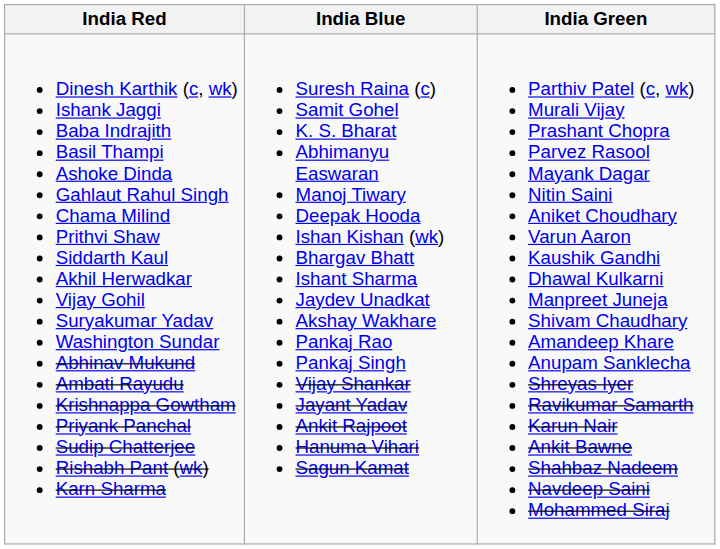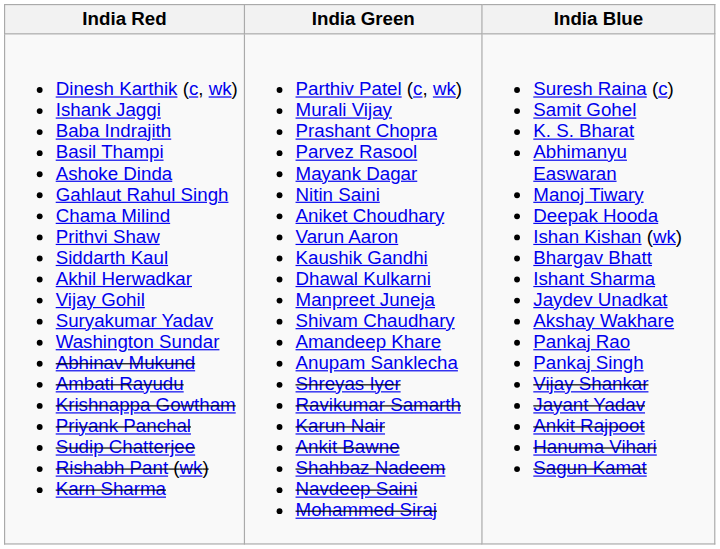 <table class="wikitable">
 <tr>
 <th style="width:15%;">India Red</th>
+<th style="width:15%;">India Green</th>
 <th style="width:15%;">India Blue</th>
-<th style="width:15%;">India Green</th>
 </tr>
 <tr style="vertical-align:top">
 <td><br><ul><li><a href='#'>Dinesh Karthik</a> (<a href='#'>c</a>, <a href='#'>wk</a>)</li><li><a href='#'>Ishank Jaggi</a></li><li><a href='#'>Baba Indrajith</a></li><li><a href='#'>Basil Thampi</a></li><li><a href='#'>Ashoke Dinda</a></li><li><a href='#'>Gahlaut Rahul Singh</a></li><li><a href='#'>Chama Milind</a></li><li><a href='#'>Prithvi Shaw</a></li><li><a href='#'>Siddarth Kaul</a></li><li><a href='#'>Akhil Herwadkar</a></li><li><a href='#'>Vijay Gohil</a></li><li><a href='#'>Suryakumar Yadav</a></li><li><a href='#'>Washington Sundar</a></li><li><s><a href='#'>Abhinav Mukund</a></s></li><li><s><a href='#'>Ambati Rayudu</a></s></li><li><s><a href='#'>Krishnappa Gowtham</a></s></li><li><s><a href='#'>Priyank Panchal</a></s></li><li><s><a href='#'>Sudip Chatterjee</a></s></li><li><s><a href='#'>Rishabh Pant</a> (<a href='#'>wk</a>)</s></li><li><s><a href='#'>Karn Sharma</a></s></li></ul></td>
+<td><br><ul><li><a href='#'>Parthiv Patel</a> (<a href='#'>c</a>, <a href='#'>wk</a>)</li><li><a href='#'>Murali Vijay</a></li><li><a href='#'>Prashant Chopra</a></li><li><a href='#'>Parvez Rasool</a></li><li><a href='#'>Mayank Dagar</a></li><li><a href='#'>Nitin Saini</a></li><li><a href='#'>Aniket Choudhary</a></li><li><a href='#'>Varun Aaron</a></li><li><a href='#'>Kaushik Gandhi</a></li><li><a href='#'>Dhawal Kulkarni</a></li><li><a href='#'>Manpreet Juneja</a></li><li><a href='#'>Shivam Chaudhary</a></li><li><a href='#'>Amandeep Khare</a></li><li><a href='#'>Anupam Sanklecha</a></li><li><s><a href='#'>Shreyas Iyer</a></s></li><li><s><a href='#'>Ravikumar Samarth</a></s></li><li><s><a href='#'>Karun Nair</a></s></li><li><s><a href='#'>Ankit Bawne</a></s></li><li><s><a href='#'>Shahbaz Nadeem</a></s></li><li><s><a href='#'>Navdeep Saini</a></s></li><li><s><a href='#'>Mohammed Siraj</a></s></li></ul></td>
 <td><br><ul><li><a href='#'>Suresh Raina</a> (<a href='#'>c</a>)</li><li><a href='#'>Samit Gohel</a></li><li><a href='#'>K. S. Bharat</a></li><li><a href='#'>Abhimanyu Easwaran</a></li><li><a href='#'>Manoj Tiwary</a></li><li><a href='#'>Deepak Hooda</a></li><li><a href='#'>Ishan Kishan</a> (<a href='#'>wk</a>)</li><li><a href='#'>Bhargav Bhatt</a></li><li><a href='#'>Ishant Sharma</a></li><li><a href='#'>Jaydev Unadkat</a></li><li><a href='#'>Akshay Wakhare</a></li><li><a href='#'>Pankaj Rao</a></li><li><a href='#'>Pankaj Singh</a></li><li><s><a href='#'>Vijay Shankar</a></s></li><li><s><a href='#'>Jayant Yadav</a></s></li><li><s><a href='#'>Ankit Rajpoot</a></s></li><li><s><a href='#'>Hanuma Vihari</a></s></li><li><s><a href='#'>Sagun Kamat</a></s></li></ul></td>
-<td><br><ul><li><a href='#'>Parthiv Patel</a> (<a href='#'>c</a>, <a href='#'>wk</a>)</li><li><a href='#'>Murali Vijay</a></li><li><a href='#'>Prashant Chopra</a></li><li><a href='#'>Parvez Rasool</a></li><li><a href='#'>Mayank Dagar</a></li><li><a href='#'>Nitin Saini</a></li><li><a href='#'>Aniket Choudhary</a></li><li><a href='#'>Varun Aaron</a></li><li><a href='#'>Kaushik Gandhi</a></li><li><a href='#'>Dhawal Kulkarni</a></li><li><a href='#'>Manpreet Juneja</a></li><li><a href='#'>Shivam Chaudhary</a></li><li><a href='#'>Amandeep Khare</a></li><li><a href='#'>Anupam Sanklecha</a></li><li><s><a href='#'>Shreyas Iyer</a></s></li><li><s><a href='#'>Ravikumar Samarth</a></s></li><li><s><a href='#'>Karun Nair</a></s></li><li><s><a href='#'>Ankit Bawne</a></s></li><li><s><a href='#'>Shahbaz Nadeem</a></s></li><li><s><a href='#'>Navdeep Saini</a></s></li><li><s><a href='#'>Mohammed Siraj</a></s></li></ul></td>
 </tr>
 </table>
